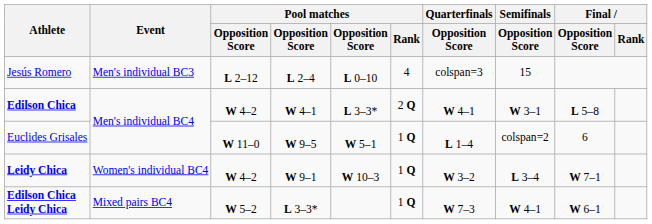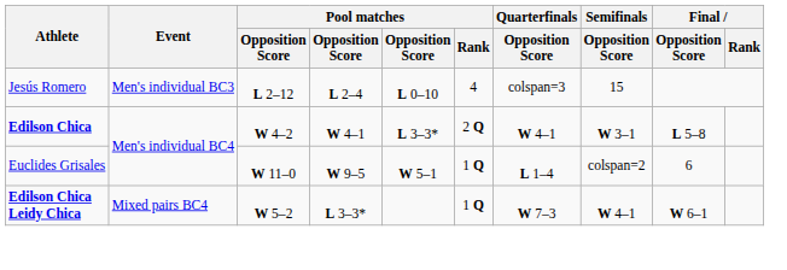 <table class=wikitable style="font-size:90%">
 <tr>
 <th rowspan="2">Athlete</th>
 <th rowspan="2">Event</th>
 <th colspan="4">Pool matches</th>
 <th>Quarterfinals</th>
 <th>Semifinals</th>
 <th colspan=2>Final / </th>
 </tr>
 <tr>
 <th>Opposition<br>Score</th>
 <th>Opposition<br>Score</th>
 <th>Opposition<br>Score</th>
 <th>Rank</th>
 <th>Opposition<br>Score</th>
 <th>Opposition<br>Score</th>
 <th>Opposition<br>Score</th>
 <th>Rank</th>
 </tr>
 <tr style="text-align:center">
 <td style="text-align:left"><a href='#'>Jesús Romero</a></td>
 <td style="text-align:left"><a href='#'>Men's individual BC3</a></td>
 <td><br><strong>L</strong> 2–12</td>
 <td><br><strong>L</strong> 2–4</td>
 <td><br><strong>L</strong> 0–10</td>
 <td>4</td>
 <td>colspan=3 </td>
 <td>15</td>
 </tr>
 <tr style="text-align:center">
 <td style="text-align:left"><strong><a href='#'>Edilson Chica</a></strong></td>
 <td style="text-align:left" rowspan=2><a href='#'>Men's individual BC4</a></td>
 <td><br><strong>W</strong> 4–2</td>
 <td><br><strong>W</strong> 4–1</td>
 <td><br><strong>L</strong> 3–3*</td>
 <td>2 <strong>Q</strong></td>
 <td><br><strong>W</strong> 4–1</td>
 <td><br><strong>W</strong> 3–1</td>
 <td><br> <strong>L</strong> 5–8</td>
 <td></td>
 </tr>
 <tr style="text-align:center">
 <td style="text-align:left"><a href='#'>Euclides Grisales</a></td>
 <td><br><strong>W</strong> 11–0</td>
 <td><br><strong>W</strong> 9–5</td>
 <td><br><strong>W</strong> 5–1</td>
 <td>1 <strong>Q</strong></td>
 <td><br><strong>L</strong> 1–4</td>
 <td>colspan=2 </td>
 <td>6</td>
 </tr>
 <tr style="text-align:center">
-<td style="text-align:left"><strong><a href='#'>Leidy Chica</a></strong></td>
-<td style="text-align:left"><a href='#'>Women's individual BC4</a></td>
-<td><br><strong>W</strong> 4–2</td>
-<td><br><strong>W</strong> 9–1</td>
-<td><br><strong>W</strong> 10–3</td>
-<td>1 <strong>Q</strong></td>
-<td><br><strong>W</strong> 3–2</td>
-<td><br><strong>L</strong> 3–4</td>
-<td><br><strong>W</strong> 7–1</td>
-<td></td>
-</tr>
-<tr style="text-align:center">
 <td style="text-align:left"><strong><a href='#'>Edilson Chica</a><br><a href='#'>Leidy Chica</a></strong></td>
 <td style="text-align:left"><a href='#'>Mixed pairs BC4</a></td>
 <td><br><strong>W</strong> 5–2</td>
 <td><br><strong>L</strong> 3–3*</td>
 <td></td>
 <td>1 <strong>Q</strong></td>
 <td><br><strong>W</strong> 7–3</td>
 <td><br><strong>W</strong> 4–1</td>
 <td><br><strong>W</strong> 6–1</td>
 <td></td>
 </tr>
 </table>
